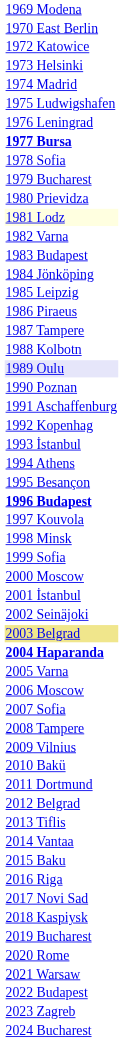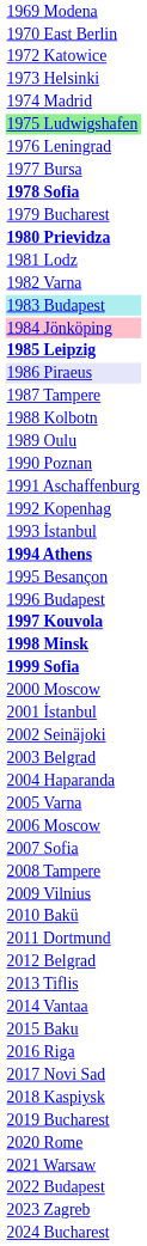 <table>
 <tr>
 <td><a href='#'>1969 Modena</a></td>
 <td></td>
 <td></td>
 <td></td>
 </tr>
 <tr>
 <td><a href='#'>1970 East Berlin</a></td>
 <td></td>
 <td></td>
 <td></td>
 </tr>
 <tr>
 <td><a href='#'>1972 Katowice</a></td>
 <td></td>
 <td></td>
 <td></td>
 </tr>
 <tr>
 <td><a href='#'>1973 Helsinki</a></td>
 <td></td>
 <td></td>
 <td></td>
 </tr>
 <tr>
 <td><a href='#'>1974 Madrid</a></td>
 <td></td>
 <td></td>
 <td></td>
 </tr>
 <tr>
-<td><a href='#'>1975 Ludwigshafen</a></td>
+<td style="background: lightgreen;"><a href='#'>1975 Ludwigshafen</a></td>
 <td></td>
 <td></td>
 <td></td>
 </tr>
 <tr>
 <td><a href='#'>1976 Leningrad</a></td>
 <td></td>
 <td></td>
 <td></td>
 </tr>
 <tr>
-<td><strong><a href='#'>1977 Bursa</a></strong></td>
+<td><a href='#'>1977 Bursa</a></td>
 <td></td>
 <td></td>
 <td></td>
 </tr>
 <tr>
-<td><a href='#'>1978 Sofia</a></td>
+<td><strong><a href='#'>1978 Sofia</a></strong></td>
 <td></td>
 <td></td>
 <td></td>
 </tr>
 <tr>
 <td><a href='#'>1979 Bucharest</a></td>
 <td></td>
 <td></td>
 <td></td>
 </tr>
 <tr>
-<td><a href='#'>1980 Prievidza</a></td>
+<td><strong><a href='#'>1980 Prievidza</a></strong></td>
 <td></td>
 <td></td>
 <td></td>
 </tr>
 <tr>
-<td style="background: lightyellow;"><a href='#'>1981 Lodz</a></td>
+<td><a href='#'>1981 Lodz</a></td>
 <td></td>
 <td></td>
 <td></td>
 </tr>
 <tr>
 <td><a href='#'>1982 Varna</a></td>
 <td></td>
 <td></td>
 <td></td>
 </tr>
 <tr>
-<td><a href='#'>1983 Budapest</a></td>
+<td style="background: paleturquoise;"><a href='#'>1983 Budapest</a></td>
 <td></td>
 <td></td>
 <td></td>
 </tr>
 <tr>
-<td><a href='#'>1984 Jönköping</a></td>
+<td style="background: pink;"><a href='#'>1984 Jönköping</a></td>
 <td></td>
 <td></td>
 <td></td>
 </tr>
 <tr>
-<td><a href='#'>1985 Leipzig</a></td>
+<td><strong><a href='#'>1985 Leipzig</a></strong></td>
 <td></td>
 <td></td>
 <td></td>
 </tr>
 <tr>
-<td><a href='#'>1986 Piraeus</a></td>
+<td style="background: lavender;"><a href='#'>1986 Piraeus</a></td>
 <td></td>
 <td></td>
 <td></td>
 </tr>
 <tr>
 <td><a href='#'>1987 Tampere</a></td>
 <td></td>
 <td></td>
 <td></td>
 </tr>
 <tr>
 <td><a href='#'>1988 Kolbotn</a></td>
 <td></td>
 <td></td>
 <td></td>
 </tr>
 <tr>
-<td style="background: lavender;"><a href='#'>1989 Oulu</a></td>
+<td><a href='#'>1989 Oulu</a></td>
 <td></td>
 <td></td>
 <td></td>
 </tr>
 <tr>
 <td><a href='#'>1990 Poznan</a></td>
 <td></td>
 <td></td>
 <td></td>
 </tr>
 <tr>
 <td><a href='#'>1991 Aschaffenburg</a></td>
 <td></td>
 <td></td>
 <td></td>
 </tr>
 <tr>
 <td><a href='#'>1992 Kopenhag</a></td>
 <td></td>
 <td></td>
 <td></td>
 </tr>
 <tr>
 <td><a href='#'>1993 İstanbul</a></td>
 <td></td>
 <td></td>
 <td></td>
 </tr>
 <tr>
-<td><a href='#'>1994 Athens</a></td>
+<td><strong><a href='#'>1994 Athens</a></strong></td>
 <td></td>
 <td></td>
 <td></td>
 </tr>
 <tr>
 <td><a href='#'>1995 Besançon</a></td>
 <td></td>
 <td></td>
 <td></td>
 </tr>
 <tr>
-<td><strong><a href='#'>1996 Budapest</a></strong></td>
+<td><a href='#'>1996 Budapest</a></td>
 <td></td>
 <td></td>
 <td></td>
 </tr>
 <tr>
-<td><a href='#'>1997 Kouvola</a></td>
+<td><strong><a href='#'>1997 Kouvola</a></strong></td>
 <td></td>
 <td></td>
 <td></td>
 </tr>
 <tr>
-<td><a href='#'>1998 Minsk</a></td>
+<td><strong><a href='#'>1998 Minsk</a></strong></td>
 <td></td>
 <td></td>
 <td></td>
 </tr>
 <tr>
-<td><a href='#'>1999 Sofia</a></td>
+<td><strong><a href='#'>1999 Sofia</a></strong></td>
 <td></td>
 <td></td>
 <td></td>
 </tr>
 <tr>
 <td><a href='#'>2000 Moscow</a></td>
 <td></td>
 <td></td>
 <td></td>
 </tr>
 <tr>
 <td><a href='#'>2001 İstanbul</a></td>
 <td></td>
 <td></td>
 <td></td>
 </tr>
 <tr>
 <td><a href='#'>2002 Seinäjoki</a></td>
 <td></td>
 <td></td>
 <td></td>
 </tr>
 <tr>
-<td style="background: khaki;"><a href='#'>2003 Belgrad</a></td>
+<td><a href='#'>2003 Belgrad</a></td>
 <td></td>
 <td></td>
 <td></td>
 </tr>
 <tr>
-<td><strong><a href='#'>2004 Haparanda</a></strong></td>
+<td><a href='#'>2004 Haparanda</a></td>
 <td></td>
 <td></td>
 <td></td>
 </tr>
 <tr>
 <td rowspan=2><a href='#'>2005 Varna</a></td>
 <td rowspan=2></td>
 <td rowspan=2></td>
 <td></td>
 </tr>
 <tr>
 <td></td>
 </tr>
 <tr>
 <td rowspan=2><a href='#'>2006 Moscow</a></td>
 <td rowspan=2></td>
 <td rowspan=2></td>
 <td></td>
 </tr>
 <tr>
 <td></td>
 </tr>
 <tr>
 <td rowspan=2><a href='#'>2007 Sofia</a></td>
 <td rowspan=2></td>
 <td rowspan=2></td>
 <td></td>
 </tr>
 <tr>
 <td></td>
 </tr>
 <tr>
 <td rowspan=2><a href='#'>2008 Tampere</a></td>
 <td rowspan=2></td>
 <td rowspan=2></td>
 <td></td>
 </tr>
 <tr>
 <td></td>
 </tr>
 <tr>
 <td rowspan=2><a href='#'>2009 Vilnius</a></td>
 <td rowspan=2></td>
 <td rowspan=2></td>
 <td></td>
 </tr>
 <tr>
 <td></td>
 </tr>
 <tr>
 <td rowspan=2><a href='#'>2010 Bakü</a></td>
 <td rowspan=2></td>
 <td rowspan=2></td>
 <td></td>
 </tr>
 <tr>
 <td></td>
 </tr>
 <tr>
 <td rowspan=2><a href='#'>2011 Dortmund</a></td>
 <td rowspan=2></td>
 <td rowspan=2></td>
 <td></td>
 </tr>
 <tr>
 <td></td>
 </tr>
 <tr>
 <td rowspan=2><a href='#'>2012 Belgrad</a></td>
 <td rowspan=2></td>
 <td rowspan=2></td>
 <td></td>
 </tr>
 <tr>
 <td></td>
 </tr>
 <tr>
 <td rowspan=2><a href='#'>2013 Tiflis</a></td>
 <td rowspan=2></td>
 <td rowspan=2></td>
 <td></td>
 </tr>
 <tr>
 <td></td>
 </tr>
 <tr>
 <td rowspan=2><a href='#'>2014 Vantaa</a></td>
 <td rowspan=2></td>
 <td rowspan=2></td>
 <td></td>
 </tr>
 <tr>
 <td></td>
 </tr>
 <tr>
 <td rowspan=2><a href='#'>2015 Baku</a></td>
 <td rowspan=2></td>
 <td rowspan=2></td>
 <td></td>
 </tr>
 <tr>
 <td></td>
 </tr>
 <tr>
 <td rowspan=2><a href='#'>2016 Riga</a></td>
 <td rowspan=2></td>
 <td rowspan=2></td>
 <td></td>
 </tr>
 <tr>
 <td></td>
 </tr>
 <tr>
 <td rowspan=2><a href='#'>2017 Novi Sad</a></td>
 <td rowspan=2></td>
 <td rowspan=2></td>
 <td></td>
 </tr>
 <tr>
 <td></td>
 </tr>
 <tr>
 <td rowspan=2><a href='#'>2018 Kaspiysk</a></td>
 <td rowspan=2></td>
 <td rowspan=2></td>
 <td></td>
 </tr>
 <tr>
 <td></td>
 </tr>
 <tr>
 <td rowspan=2><a href='#'>2019 Bucharest</a></td>
 <td rowspan=2></td>
 <td rowspan=2></td>
 <td></td>
 </tr>
 <tr>
 <td></td>
 </tr>
 <tr>
 <td rowspan=2><a href='#'>2020 Rome</a></td>
 <td rowspan=2></td>
 <td rowspan=2></td>
 <td></td>
 </tr>
 <tr>
 <td></td>
 </tr>
 <tr>
 <td rowspan=2><a href='#'>2021 Warsaw</a></td>
 <td rowspan=2></td>
 <td rowspan=2></td>
 <td></td>
 </tr>
 <tr>
 <td></td>
 </tr>
 <tr>
 <td rowspan=2><a href='#'>2022 Budapest</a></td>
 <td rowspan=2></td>
 <td rowspan=2></td>
 <td></td>
 </tr>
 <tr>
 <td></td>
 </tr>
 <tr>
 <td rowspan=2><a href='#'>2023 Zagreb</a></td>
 <td rowspan=2></td>
 <td rowspan=2></td>
 <td></td>
 </tr>
 <tr>
 <td></td>
 </tr>
 <tr>
 <td rowspan=2><a href='#'>2024 Bucharest</a></td>
 <td rowspan=2></td>
 <td rowspan=2></td>
 <td></td>
 </tr>
 <tr>
 <td></td>
 </tr>
 </table>
